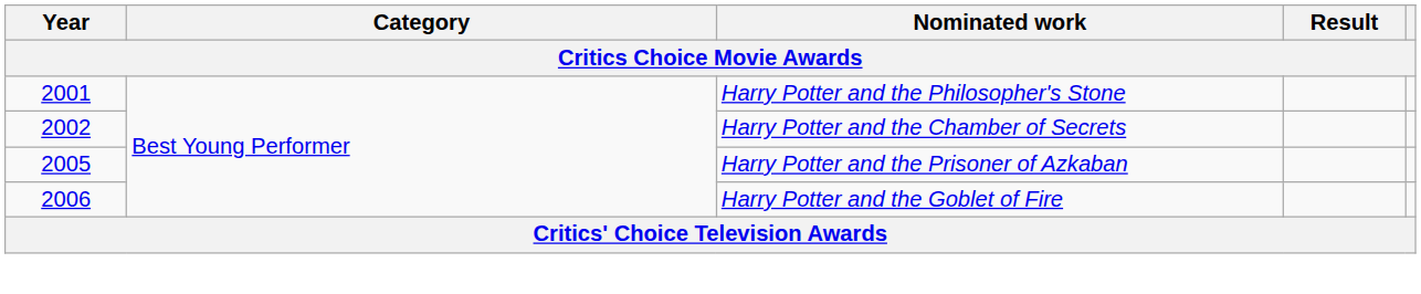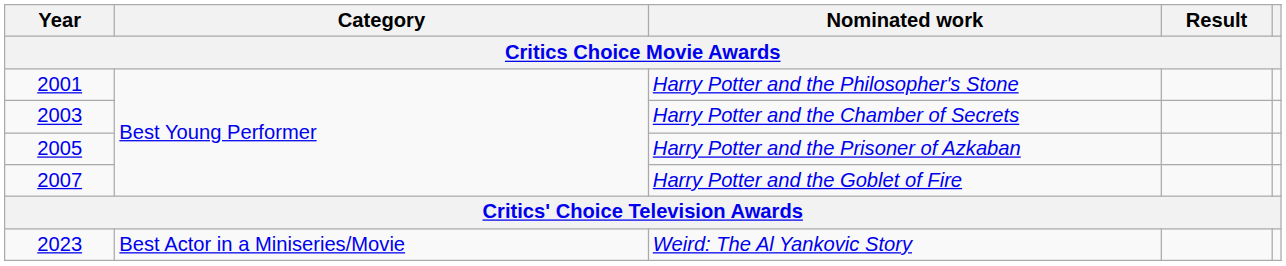 <table class=wikitable>
 <tr>
 <th scope="col" style="width:5em;">Year</th>
 <th scope="col" style="width:26em;">Category</th>
 <th scope="col" style="width:25em;">Nominated work</th>
 <th scope="col" style="width:5em;">Result</th>
 <th scope="col"></th>
 </tr>
 <tr>
 <th colspan=5><a href='#'>Critics Choice Movie Awards</a></th>
 </tr>
 <tr>
 <td style="text-align:center;"><a href='#'>2001</a></td>
 <td rowspan=4><a href='#'>Best Young Performer</a></td>
 <td><em><a href='#'>Harry Potter and the Philosopher's Stone</a></em></td>
 <td></td>
 <td style="text-align:center;"></td>
 </tr>
 <tr>
-<td style="text-align:center;"><a href='#'>2002</a></td>
+<td style="text-align:center;"><a href='#'>2003</a></td>
 <td><em><a href='#'>Harry Potter and the Chamber of Secrets</a></em></td>
 <td></td>
 <td style="text-align:center;"></td>
 </tr>
 <tr>
 <td style="text-align:center;"><a href='#'>2005</a></td>
 <td><em><a href='#'>Harry Potter and the Prisoner of Azkaban</a></em></td>
 <td></td>
 <td style="text-align:center;"></td>
 </tr>
 <tr>
-<td style="text-align:center;"><a href='#'>2006</a></td>
+<td style="text-align:center;"><a href='#'>2007</a></td>
 <td><em><a href='#'>Harry Potter and the Goblet of Fire</a></em></td>
 <td></td>
 <td style="text-align:center;"></td>
 </tr>
 <tr>
 <th colspan=5><a href='#'>Critics' Choice Television Awards</a></th>
 </tr>
+<tr>
+<td style="text-align:center;"><a href='#'>2023</a></td>
+<td><a href='#'>Best Actor in a Miniseries/Movie</a></td>
+<td><em><a href='#'>Weird: The Al Yankovic Story</a></em></td>
+<td></td>
+<td style="text-align:center;"></td>
+</tr>
 </table>
